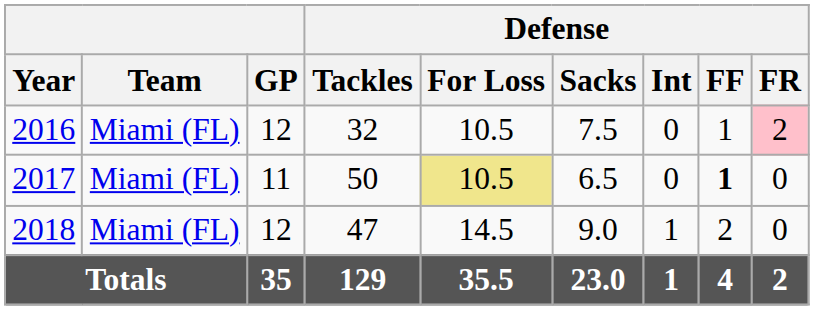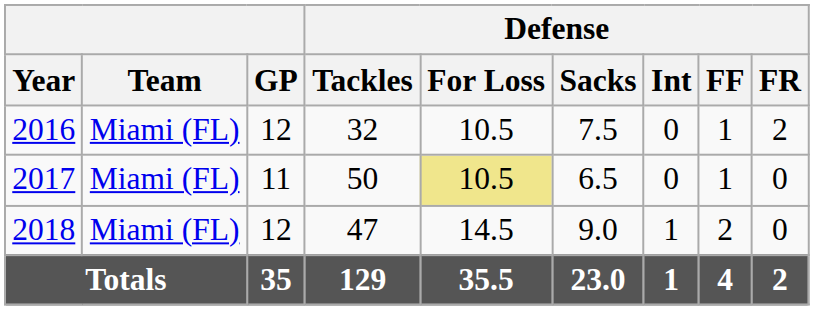 <table class="wikitable" style="text-align:center;">
 <tr>
 <th colspan=3></th>
 <th colspan=6>Defense</th>
 </tr>
 <tr>
 <th>Year</th>
 <th>Team</th>
 <th>GP</th>
 <th>Tackles</th>
 <th>For Loss</th>
 <th>Sacks</th>
 <th>Int</th>
 <th>FF</th>
 <th>FR</th>
 </tr>
 <tr>
 <td><a href='#'>2016</a></td>
 <td><a href='#'>Miami (FL)</a></td>
 <td>12</td>
 <td>32</td>
 <td>10.5</td>
 <td>7.5</td>
 <td>0</td>
 <td>1</td>
-<td style="background: pink;">2</td>
+<td>2</td>
 </tr>
 <tr>
 <td><a href='#'>2017</a></td>
 <td><a href='#'>Miami (FL)</a></td>
 <td>11</td>
 <td>50</td>
 <td style="background: khaki;">10.5</td>
 <td>6.5</td>
 <td>0</td>
-<td><strong>1</strong></td>
+<td>1</td>
 <td>0</td>
 </tr>
 <tr>
 <td><a href='#'>2018</a></td>
 <td><a href='#'>Miami (FL)</a></td>
 <td>12</td>
 <td>47</td>
 <td>14.5</td>
 <td>9.0</td>
 <td>1</td>
 <td>2</td>
 <td>0</td>
 </tr>
 <tr style="background:#555; font-weight:bold; color:white;">
 <td colspan=2>Totals</td>
 <td>35</td>
 <td>129</td>
 <td>35.5</td>
 <td>23.0</td>
 <td>1</td>
 <td>4</td>
 <td>2</td>
 </tr>
 </table>
